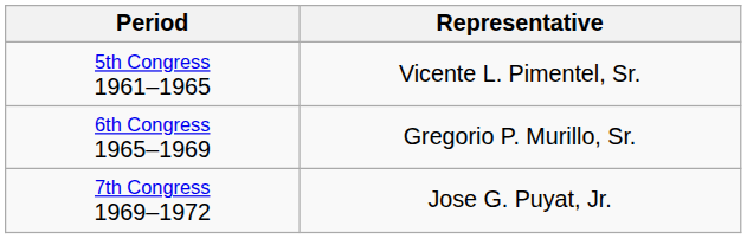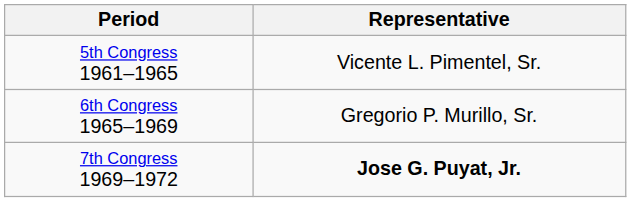 <table class="wikitable" style="text-align:center; width:40%;">
 <tr>
 <th width="40%">Period</th>
 <th>Representative</th>
 </tr>
 <tr>
 <td><small><a href='#'>5th Congress</a></small><br>1961–1965</td>
 <td>Vicente L. Pimentel, Sr.</td>
 </tr>
 <tr>
 <td><small><a href='#'>6th Congress</a></small><br>1965–1969</td>
 <td>Gregorio P. Murillo, Sr.</td>
 </tr>
 <tr>
 <td><small><a href='#'>7th Congress</a></small><br>1969–1972</td>
-<td>Jose G. Puyat, Jr.</td>
+<td><strong>Jose G. Puyat, Jr.</strong></td>
 </tr>
 </table>
